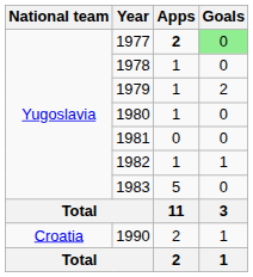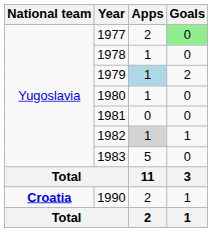 <table class="wikitable" style="text-align:center">
 <tr>
 <th>National team</th>
 <th>Year</th>
 <th>Apps</th>
 <th>Goals</th>
 </tr>
 <tr>
 <td rowspan="7"><a href='#'>Yugoslavia</a></td>
 <td>1977</td>
-<td><strong>2</strong></td>
+<td>2</td>
 <td style="background: lightgreen;">0</td>
 </tr>
 <tr>
 <td>1978</td>
 <td>1</td>
 <td>0</td>
 </tr>
 <tr>
 <td>1979</td>
-<td>1</td>
+<td style="background: lightblue;">1</td>
 <td>2</td>
 </tr>
 <tr>
 <td>1980</td>
 <td>1</td>
 <td>0</td>
 </tr>
 <tr>
 <td>1981</td>
 <td>0</td>
 <td>0</td>
 </tr>
 <tr>
 <td>1982</td>
-<td>1</td>
+<td style="background: lightgrey;">1</td>
 <td>1</td>
 </tr>
 <tr>
 <td>1983</td>
 <td>5</td>
 <td>0</td>
 </tr>
 <tr>
 <th colspan="2">Total</th>
 <th>11</th>
 <th>3</th>
 </tr>
 <tr>
-<td><a href='#'>Croatia</a></td>
+<td><strong><a href='#'>Croatia</a></strong></td>
 <td>1990</td>
 <td>2</td>
 <td>1</td>
 </tr>
 <tr>
 <th colspan="2">Total</th>
 <th>2</th>
 <th>1</th>
 </tr>
 </table>
